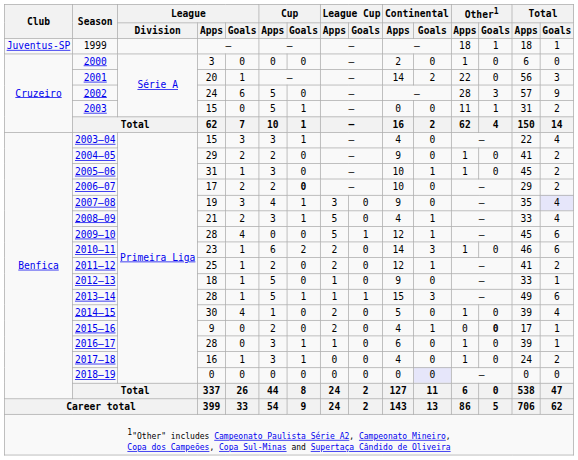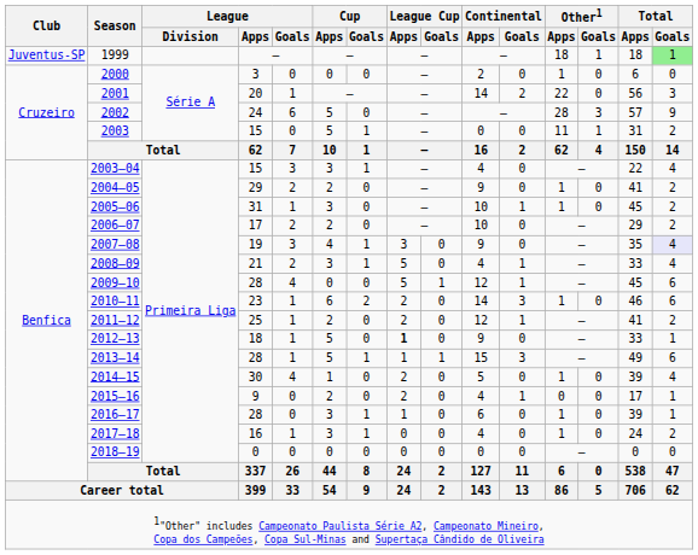 <table class="wikitable" style="text-align: center">
 <tr>
 <th rowspan="2">Club</th>
 <th rowspan="2">Season</th>
 <th colspan="3">League</th>
 <th colspan="2">Cup</th>
 <th colspan="2">League Cup</th>
 <th colspan="2">Continental</th>
 <th colspan="2">Other<sup>1</sup></th>
 <th colspan="2">Total</th>
 </tr>
 <tr>
 <th>Division</th>
 <th>Apps</th>
 <th>Goals</th>
 <th>Apps</th>
 <th>Goals</th>
 <th>Apps</th>
 <th>Goals</th>
 <th>Apps</th>
 <th>Goals</th>
 <th>Apps</th>
 <th>Goals</th>
 <th>Apps</th>
 <th>Goals</th>
 </tr>
 <tr>
 <td><a href='#'>Juventus-SP</a></td>
 <td>1999</td>
 <td></td>
 <td colspan="2">—</td>
 <td colspan="2">—</td>
 <td colspan="2">—</td>
 <td colspan="2">—</td>
 <td>18</td>
 <td>1</td>
 <td>18</td>
-<td>1</td>
+<td style="background: lightgreen;">1</td>
 </tr>
 <tr>
 <td rowspan="5"><a href='#'>Cruzeiro</a></td>
 <td><a href='#'>2000</a></td>
 <td rowspan="4"><a href='#'>Série A</a></td>
 <td>3</td>
 <td>0</td>
 <td>0</td>
 <td>0</td>
 <td colspan="2">—</td>
 <td>2</td>
 <td>0</td>
 <td>1</td>
 <td>0</td>
 <td>6</td>
 <td>0</td>
 </tr>
 <tr>
 <td><a href='#'>2001</a></td>
 <td>20</td>
 <td>1</td>
 <td colspan="2">—</td>
 <td colspan="2">—</td>
 <td>14</td>
 <td>2</td>
 <td>22</td>
 <td>0</td>
 <td>56</td>
 <td>3</td>
 </tr>
 <tr>
 <td><a href='#'>2002</a></td>
 <td>24</td>
 <td>6</td>
 <td>5</td>
 <td>0</td>
 <td colspan="2">—</td>
 <td colspan="2">—</td>
 <td>28</td>
 <td>3</td>
 <td>57</td>
 <td>9</td>
 </tr>
 <tr>
 <td><a href='#'>2003</a></td>
 <td>15</td>
 <td>0</td>
 <td>5</td>
 <td>1</td>
 <td colspan="2">—</td>
 <td>0</td>
 <td>0</td>
 <td>11</td>
 <td>1</td>
 <td>31</td>
 <td>2</td>
 </tr>
 <tr>
 <th colspan="2">Total</th>
 <th>62</th>
 <th>7</th>
 <th>10</th>
 <th>1</th>
 <th colspan="2">—</th>
 <th>16</th>
 <th>2</th>
 <th>62</th>
 <th>4</th>
 <th>150</th>
 <th>14</th>
 </tr>
 <tr>
 <td rowspan="17"><a href='#'>Benfica</a></td>
 <td><a href='#'>2003–04</a></td>
 <td rowspan="16"><a href='#'>Primeira Liga</a></td>
 <td>15</td>
 <td>3</td>
 <td>3</td>
 <td>1</td>
 <td colspan="2">—</td>
 <td>4</td>
 <td>0</td>
 <td colspan="2">—</td>
 <td>22</td>
 <td>4</td>
 </tr>
 <tr>
 <td><a href='#'>2004–05</a></td>
 <td>29</td>
 <td>2</td>
 <td>2</td>
 <td>0</td>
 <td colspan="2">—</td>
 <td>9</td>
 <td>0</td>
 <td>1</td>
 <td>0</td>
 <td>41</td>
 <td>2</td>
 </tr>
 <tr>
 <td><a href='#'>2005–06</a></td>
 <td>31</td>
 <td>1</td>
 <td>3</td>
 <td>0</td>
 <td colspan="2">—</td>
 <td>10</td>
 <td>1</td>
 <td>1</td>
 <td>0</td>
 <td>45</td>
 <td>2</td>
 </tr>
 <tr>
 <td><a href='#'>2006–07</a></td>
 <td>17</td>
 <td>2</td>
 <td>2</td>
-<td><strong>0</strong></td>
+<td>0</td>
 <td colspan="2">—</td>
 <td>10</td>
 <td>0</td>
 <td colspan="2">—</td>
 <td>29</td>
 <td>2</td>
 </tr>
 <tr>
 <td><a href='#'>2007–08</a></td>
 <td>19</td>
 <td>3</td>
 <td>4</td>
 <td>1</td>
 <td>3</td>
 <td>0</td>
 <td>9</td>
 <td>0</td>
 <td colspan="2">—</td>
 <td>35</td>
 <td style="background: lavender;">4</td>
 </tr>
 <tr>
 <td><a href='#'>2008–09</a></td>
 <td>21</td>
 <td>2</td>
 <td>3</td>
 <td>1</td>
 <td>5</td>
 <td>0</td>
 <td>4</td>
 <td>1</td>
 <td colspan="2">—</td>
 <td>33</td>
 <td>4</td>
 </tr>
 <tr>
 <td><a href='#'>2009–10</a></td>
 <td>28</td>
 <td>4</td>
 <td>0</td>
 <td>0</td>
 <td>5</td>
 <td>1</td>
 <td>12</td>
 <td>1</td>
 <td colspan="2">—</td>
 <td>45</td>
 <td>6</td>
 </tr>
 <tr>
 <td><a href='#'>2010–11</a></td>
 <td>23</td>
 <td>1</td>
 <td>6</td>
 <td>2</td>
 <td>2</td>
 <td>0</td>
 <td>14</td>
 <td>3</td>
 <td>1</td>
 <td>0</td>
 <td>46</td>
 <td>6</td>
 </tr>
 <tr>
 <td><a href='#'>2011–12</a></td>
 <td>25</td>
 <td>1</td>
 <td>2</td>
 <td>0</td>
 <td>2</td>
 <td>0</td>
 <td>12</td>
 <td>1</td>
 <td colspan="2">—</td>
 <td>41</td>
 <td>2</td>
 </tr>
 <tr>
 <td><a href='#'>2012–13</a></td>
 <td>18</td>
 <td>1</td>
 <td>5</td>
 <td>0</td>
-<td>1</td>
+<td><strong>1</strong></td>
 <td>0</td>
 <td>9</td>
 <td>0</td>
 <td colspan="2">—</td>
 <td>33</td>
 <td>1</td>
 </tr>
 <tr>
 <td><a href='#'>2013–14</a></td>
 <td>28</td>
 <td>1</td>
 <td>5</td>
 <td>1</td>
 <td>1</td>
 <td>1</td>
 <td>15</td>
 <td>3</td>
 <td colspan="2">—</td>
 <td>49</td>
 <td>6</td>
 </tr>
 <tr>
 <td><a href='#'>2014–15</a></td>
 <td>30</td>
 <td>4</td>
 <td>1</td>
 <td>0</td>
 <td>2</td>
 <td>0</td>
 <td>5</td>
 <td>0</td>
 <td>1</td>
 <td>0</td>
 <td>39</td>
 <td>4</td>
 </tr>
 <tr>
 <td><a href='#'>2015–16</a></td>
 <td>9</td>
 <td>0</td>
 <td>2</td>
 <td>0</td>
 <td>2</td>
 <td>0</td>
 <td>4</td>
 <td>1</td>
 <td>0</td>
-<td><strong>0</strong></td>
+<td>0</td>
 <td>17</td>
 <td>1</td>
 </tr>
 <tr>
 <td><a href='#'>2016–17</a></td>
 <td>28</td>
 <td>0</td>
 <td>3</td>
 <td>1</td>
 <td>1</td>
 <td>0</td>
 <td>6</td>
 <td>0</td>
 <td>1</td>
 <td>0</td>
 <td>39</td>
 <td>1</td>
 </tr>
 <tr>
 <td><a href='#'>2017–18</a></td>
 <td>16</td>
 <td>1</td>
 <td>3</td>
 <td>1</td>
 <td>0</td>
 <td>0</td>
 <td>4</td>
 <td>0</td>
 <td>1</td>
 <td>0</td>
 <td>24</td>
 <td>2</td>
 </tr>
 <tr>
 <td><a href='#'>2018–19</a></td>
 <td>0</td>
 <td>0</td>
 <td>0</td>
 <td>0</td>
 <td>0</td>
 <td>0</td>
 <td>0</td>
-<td style="background: lavender;">0</td>
+<td>0</td>
 <td colspan="2">—</td>
 <td>0</td>
 <td>0</td>
 </tr>
 <tr>
 <th colspan="2">Total</th>
 <th>337</th>
 <th>26</th>
 <th>44</th>
 <th>8</th>
 <th>24</th>
 <th>2</th>
 <th>127</th>
 <th>11</th>
 <th>6</th>
 <th>0</th>
 <th>538</th>
 <th>47</th>
 </tr>
 <tr>
 <th colspan="3">Career total</th>
 <th>399</th>
 <th>33</th>
 <th>54</th>
 <th>9</th>
 <th>24</th>
 <th>2</th>
 <th>143</th>
 <th>13</th>
 <th>86</th>
 <th>5</th>
 <th>706</th>
 <th>62</th>
 </tr>
 <tr>
 <td colspan="16"><br><sup>1</sup><small>"Other" includes <a href='#'>Campeonato Paulista Série A2</a>, <a href='#'>Campeonato Mineiro</a>,<br><a href='#'>Copa dos Campeões</a>, <a href='#'>Copa Sul-Minas</a> and <a href='#'>Supertaça Cândido de Oliveira</a></small></td>
 </tr>
 </table>
